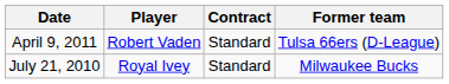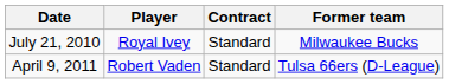 <table class="wikitable sortable sortable" style="text-align: center">
 <tr>
 <th>Date</th>
 <th>Player</th>
 <th>Contract</th>
 <th>Former team</th>
 </tr>
 <tr style="text-align: center">
+<td>July 21, 2010</td>
+<td><a href='#'>Royal Ivey</a></td>
+<td>Standard</td>
+<td><a href='#'>Milwaukee Bucks</a></td>
+</tr>
+<tr style="text-align: center">
 <td>April 9, 2011</td>
 <td><a href='#'>Robert Vaden</a></td>
 <td>Standard</td>
 <td><a href='#'>Tulsa 66ers</a> (<a href='#'>D-League</a>)</td>
 </tr>
-<tr style="text-align: center">
-<td>July 21, 2010</td>
-<td><a href='#'>Royal Ivey</a></td>
-<td>Standard</td>
-<td><a href='#'>Milwaukee Bucks</a></td>
-</tr>
 </table>
